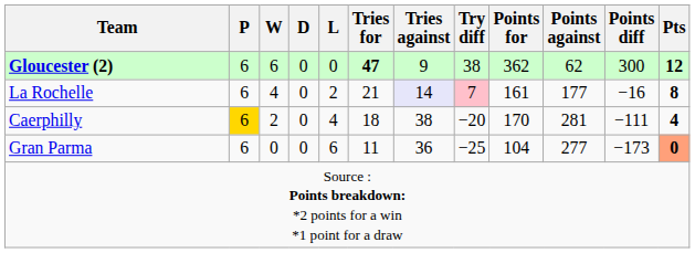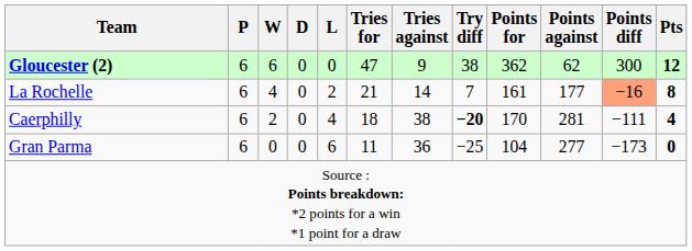 <table class="wikitable" style="text-align: center;">
 <tr>
 <th width="200">Team</th>
 <th width="20">P</th>
 <th width="20">W</th>
 <th width="20">D</th>
 <th width="20">L</th>
 <th width="20">Tries for</th>
 <th width="20">Tries against</th>
 <th width="20">Try diff</th>
 <th width="20">Points for</th>
 <th width="20">Points against</th>
 <th width="25">Points diff</th>
 <th width="20">Pts</th>
 </tr>
 <tr bgcolor="#ccffcc">
 <td align="left"> <strong><a href='#'>Gloucester</a> (2)</strong></td>
 <td>6</td>
 <td>6</td>
 <td>0</td>
 <td>0</td>
-<td><strong>47</strong></td>
+<td>47</td>
 <td>9</td>
 <td>38</td>
 <td>362</td>
 <td>62</td>
 <td>300</td>
 <td><strong>12</strong></td>
 </tr>
 <tr>
 <td align="left"> <a href='#'>La Rochelle</a></td>
 <td>6</td>
 <td>4</td>
 <td>0</td>
 <td>2</td>
 <td>21</td>
-<td style="background: lavender;">14</td>
-<td style="background: pink;">7</td>
+<td>14</td>
+<td>7</td>
 <td>161</td>
 <td>177</td>
-<td>−16</td>
+<td style="background: lightsalmon;">−16</td>
 <td><strong>8</strong></td>
 </tr>
 <tr>
 <td align="left"> <a href='#'>Caerphilly</a></td>
-<td style="background: gold;">6</td>
+<td>6</td>
 <td>2</td>
 <td>0</td>
 <td>4</td>
 <td>18</td>
 <td>38</td>
-<td>−20</td>
+<td><strong>−20</strong></td>
 <td>170</td>
 <td>281</td>
 <td>−111</td>
 <td><strong>4</strong></td>
 </tr>
 <tr>
 <td align="left"> <a href='#'>Gran Parma</a></td>
 <td>6</td>
 <td>0</td>
 <td>0</td>
 <td>6</td>
 <td>11</td>
 <td>36</td>
 <td>−25</td>
 <td>104</td>
 <td>277</td>
 <td>−173</td>
-<td style="background: lightsalmon;"><strong>0</strong></td>
+<td><strong>0</strong></td>
 </tr>
 <tr |align=left|>
 <td colspan="14" style="border:0px"><small>Source :  <br><strong>Points breakdown:</strong><br>*2 points for a win<br>*1 point for a draw</small></td>
 </tr>
 </table>
